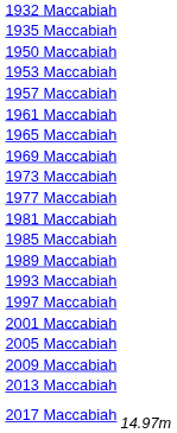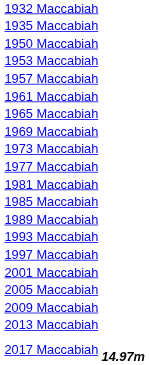 <table>
 <tr valign="top">
 <td><a href='#'>1932 Maccabiah</a></td>
 <td></td>
 <td></td>
 <td></td>
 </tr>
 <tr>
 <td><a href='#'>1935 Maccabiah</a></td>
 <td></td>
 <td></td>
 <td></td>
 </tr>
 <tr>
 <td><a href='#'>1950 Maccabiah</a></td>
 <td></td>
 <td></td>
 <td></td>
 </tr>
 <tr>
 <td><a href='#'>1953 Maccabiah</a></td>
 <td></td>
 <td></td>
 <td></td>
 </tr>
 <tr>
 <td><a href='#'>1957 Maccabiah</a></td>
 <td></td>
 <td></td>
 <td></td>
 </tr>
 <tr>
 <td><a href='#'>1961 Maccabiah</a></td>
 <td></td>
 <td></td>
 <td></td>
 </tr>
 <tr>
 <td><a href='#'>1965 Maccabiah</a></td>
 <td></td>
 <td></td>
 <td></td>
 </tr>
 <tr>
 <td><a href='#'>1969 Maccabiah</a></td>
 <td></td>
 <td></td>
 <td></td>
 </tr>
 <tr>
 <td><a href='#'>1973 Maccabiah</a></td>
 <td></td>
 <td></td>
 <td></td>
 </tr>
 <tr>
 <td><a href='#'>1977 Maccabiah</a></td>
 <td></td>
 <td></td>
 <td></td>
 </tr>
 <tr>
 <td><a href='#'>1981 Maccabiah</a></td>
 <td></td>
 <td></td>
 <td></td>
 </tr>
 <tr>
 <td><a href='#'>1985 Maccabiah</a></td>
 <td></td>
 <td></td>
 <td></td>
 </tr>
 <tr>
 <td><a href='#'>1989 Maccabiah</a></td>
 <td></td>
 <td></td>
 <td></td>
 </tr>
 <tr>
 <td><a href='#'>1993 Maccabiah</a></td>
 <td></td>
 <td></td>
 <td></td>
 </tr>
 <tr>
 <td><a href='#'>1997 Maccabiah</a></td>
 <td></td>
 <td></td>
 <td></td>
 </tr>
 <tr>
 <td><a href='#'>2001 Maccabiah</a></td>
 <td></td>
 <td></td>
 <td></td>
 </tr>
 <tr>
 <td><a href='#'>2005 Maccabiah</a></td>
 <td></td>
 <td></td>
 <td></td>
 </tr>
 <tr>
 <td><a href='#'>2009 Maccabiah</a></td>
 <td></td>
 <td></td>
 <td></td>
 </tr>
 <tr>
 <td><a href='#'>2013 Maccabiah</a></td>
 <td></td>
 <td></td>
 <td></td>
 </tr>
 <tr>
 <td><a href='#'>2017 Maccabiah</a></td>
-<td><br><em>14.97m</em></td>
+<td><strong><br><em>14.97m</em></strong></td>
 <td></td>
 <td></td>
 </tr>
 </table>
